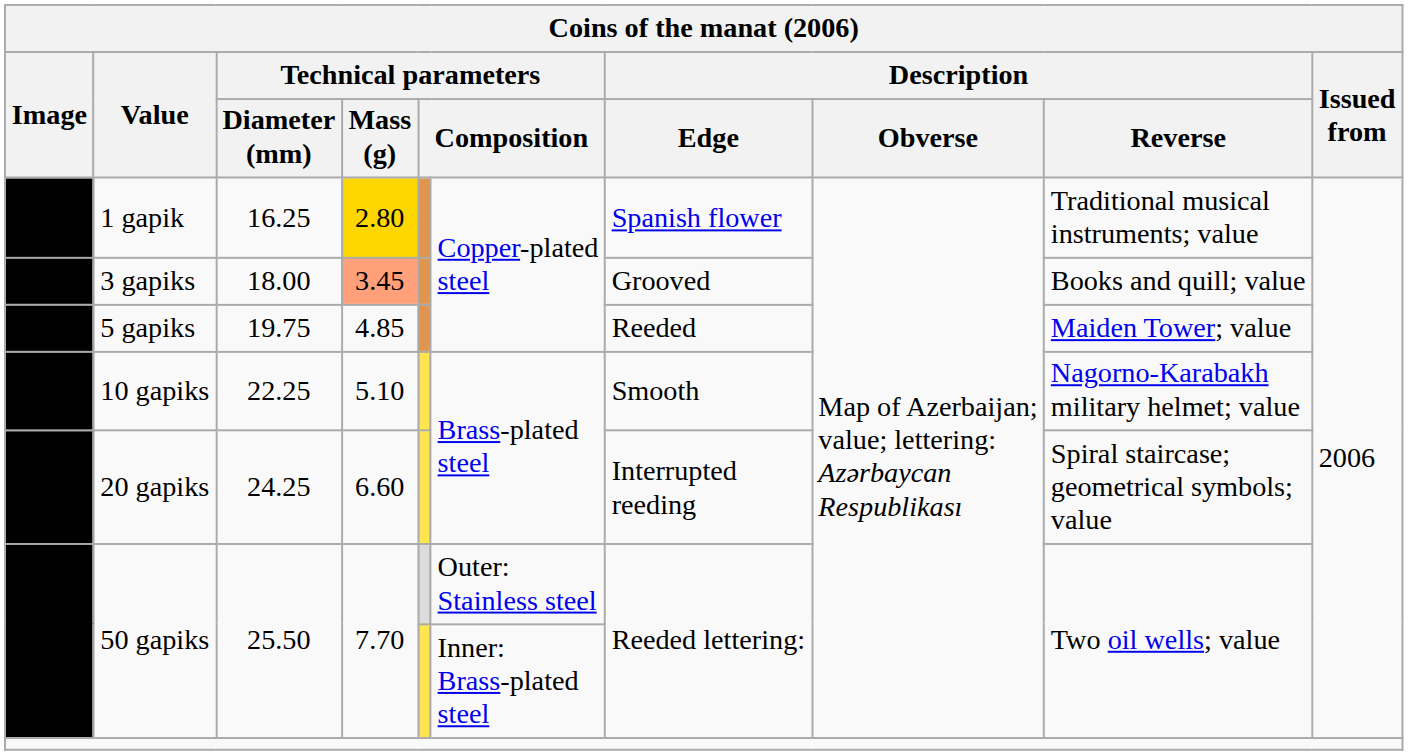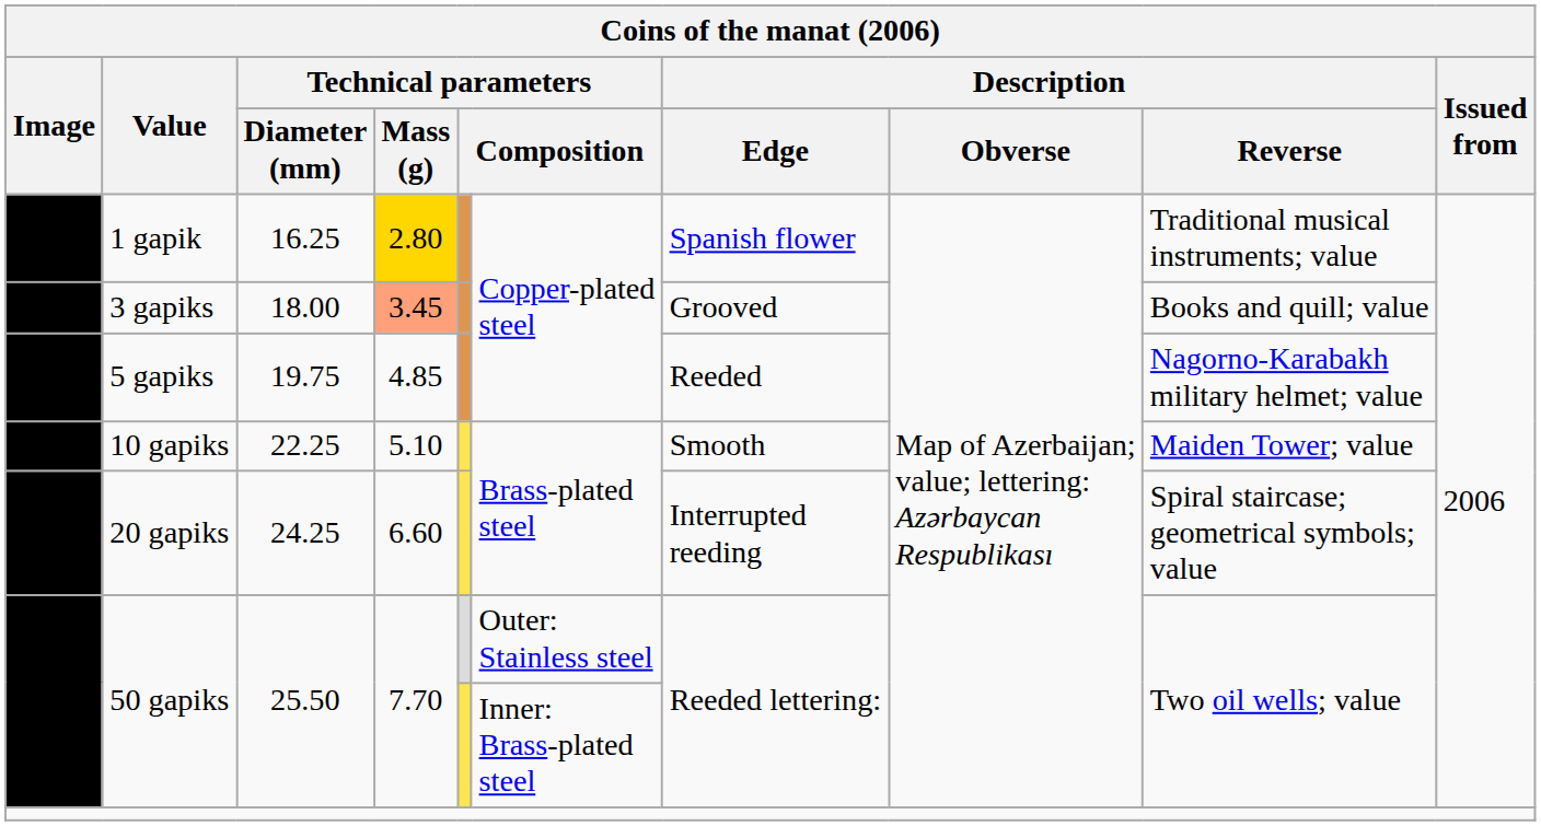 <table class="wikitable" style="margin:auto; font-size:90%; border-width:1px;">
 <tr>
 <th colspan=11>Coins of the manat (2006)</th>
 </tr>
 <tr>
 <th rowspan=2>Image</th>
 <th rowspan=2>Value</th>
 <th colspan=4>Technical parameters</th>
 <th colspan=3>Description</th>
 <th rowspan=2>Issued<br>from</th>
 </tr>
 <tr>
 <th>Diameter<br>(mm)</th>
 <th>Mass<br>(g)</th>
 <th colspan=2>Composition</th>
 <th>Edge</th>
 <th>Obverse</th>
 <th>Reverse</th>
 </tr>
 <tr>
 <td style="background:#000; text-align:center"></td>
 <td>1 gapik</td>
 <td align=center>16.25</td>
 <td align=center style="background: gold;">2.80</td>
 <td style="background-color:#e0954f;"></td>
 <td rowspan=3><a href='#'>Copper</a>-plated<br><a href='#'>steel</a></td>
 <td><a href='#'>Spanish flower</a></td>
 <td rowspan=7>Map of Azerbaijan;<br>value; lettering:<br><em>Azərbaycan<br>Respublikası</em></td>
 <td>Traditional musical<br>instruments; value</td>
 <td rowspan=7>2006</td>
 </tr>
 <tr>
 <td style="background:#000; text-align:center"></td>
 <td>3 gapiks</td>
 <td align=center>18.00</td>
 <td align=center style="background: lightsalmon;">3.45</td>
 <td style="background-color:#e0954f;"></td>
 <td>Grooved</td>
 <td>Books and quill; value</td>
 </tr>
 <tr>
 <td style="background:#000; text-align:center"></td>
 <td>5 gapiks</td>
 <td align=center>19.75</td>
 <td align=center>4.85</td>
 <td style="background-color:#e0954f;"></td>
 <td>Reeded</td>
-<td><a href='#'>Maiden Tower</a>; value</td>
+<td><a href='#'>Nagorno-Karabakh</a><br>military helmet; value</td>
 </tr>
 <tr>
 <td style="background:#000; text-align:center"></td>
 <td>10 gapiks</td>
 <td align=center>22.25</td>
 <td align=center>5.10</td>
 <td style="background-color:#ffe550;"></td>
 <td rowspan=2><a href='#'>Brass</a>-plated<br><a href='#'>steel</a></td>
 <td>Smooth</td>
-<td><a href='#'>Nagorno-Karabakh</a><br>military helmet; value</td>
+<td><a href='#'>Maiden Tower</a>; value</td>
 </tr>
 <tr>
 <td style="background:#000; text-align:center"></td>
 <td>20 gapiks</td>
 <td align=center>24.25</td>
 <td align=center>6.60</td>
 <td style="background-color:#ffe550;"></td>
 <td>Interrupted<br>reeding</td>
 <td>Spiral staircase;<br>geometrical symbols;<br>value</td>
 </tr>
 <tr>
 <td rowspan=2 style="background:#000; text-align:center"></td>
 <td rowspan=2>50 gapiks</td>
 <td rowspan=2 align=center>25.50</td>
 <td rowspan=2 align=center>7.70</td>
 <td style="background-color:#dcdcdc;"></td>
 <td>Outer:<br><a href='#'>Stainless steel</a></td>
 <td rowspan=2>Reeded lettering:<br></td>
 <td rowspan=2>Two <a href='#'>oil wells</a>; value</td>
 </tr>
 <tr>
 <td style="background-color:#ffe550;"></td>
 <td>Inner:<br><a href='#'>Brass</a>-plated<br><a href='#'>steel</a></td>
 </tr>
 <tr>
 <td colspan=11></td>
 </tr>
 </table>
